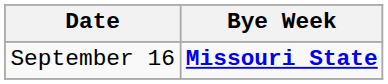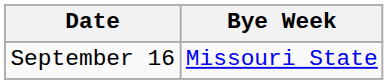 <table class="wikitable" style="font-size:95%;">
 <tr>
 <th>Date</th>
 <th>Bye Week</th>
 </tr>
 <tr>
 <td>September 16</td>
-<td><strong><a href='#'>Missouri State</a></strong></td>
+<td><a href='#'>Missouri State</a></td>
 </tr>
 </table>
